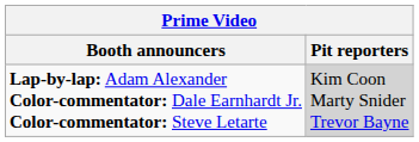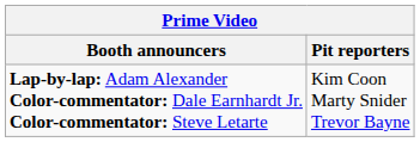 <table class="wikitable" style="font-size: 95%">
 <tr>
 <th colspan="2"><a href='#'>Prime Video</a></th>
 </tr>
 <tr>
 <th>Booth announcers</th>
 <th>Pit reporters</th>
 </tr>
 <tr>
 <td><strong>Lap-by-lap:</strong> <a href='#'>Adam Alexander</a><br><strong>Color-commentator:</strong> <a href='#'>Dale Earnhardt Jr.</a><br><strong>Color-commentator:</strong> <a href='#'>Steve Letarte</a></td>
-<td style="background: lightgrey;">Kim Coon <br>Marty Snider <br><a href='#'>Trevor Bayne</a></td>
+<td>Kim Coon <br>Marty Snider <br><a href='#'>Trevor Bayne</a></td>
 </tr>
 </table>
